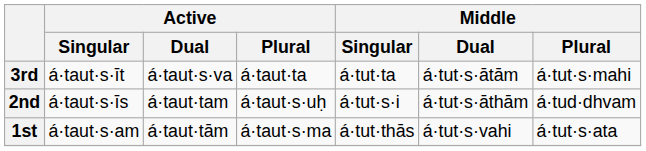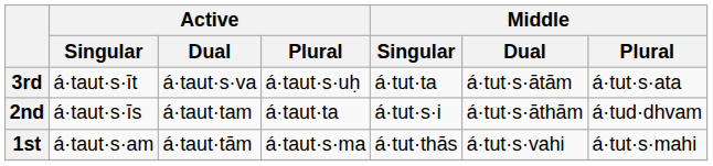 <table class="wikitable" border="1">
 <tr>
 <th rowspan="2"></th>
 <th colspan="3">Active</th>
 <th colspan="3">Middle</th>
 </tr>
 <tr>
 <th>Singular</th>
 <th>Dual</th>
 <th>Plural</th>
 <th>Singular</th>
 <th>Dual</th>
 <th>Plural</th>
 </tr>
 <tr>
 <th>3rd</th>
 <td>á·taut·s·īt</td>
 <td>á·taut·s·va</td>
-<td>á·taut·ta</td>
+<td>á·taut·s·uḥ</td>
 <td>á·tut·ta</td>
 <td>á·tut·s·ātām</td>
-<td>á·tut·s·mahi</td>
+<td>á·tut·s·ata</td>
 </tr>
 <tr>
 <th>2nd</th>
 <td>á·taut·s·īs</td>
 <td>á·taut·tam</td>
-<td>á·taut·s·uḥ</td>
+<td>á·taut·ta</td>
 <td>á·tut·s·i</td>
 <td>á·tut·s·āthām</td>
 <td>á·tud·dhvam</td>
 </tr>
 <tr>
 <th>1st</th>
 <td>á·taut·s·am</td>
 <td>á·taut·tām</td>
 <td>á·taut·s·ma</td>
 <td>á·tut·thās</td>
 <td>á·tut·s·vahi</td>
-<td>á·tut·s·ata</td>
+<td>á·tut·s·mahi</td>
 </tr>
 <tr>
 </tr>
 </table>
